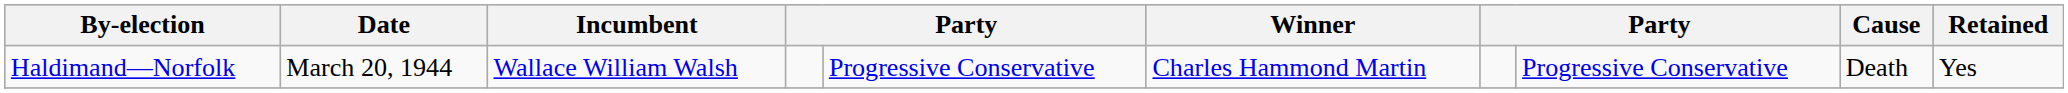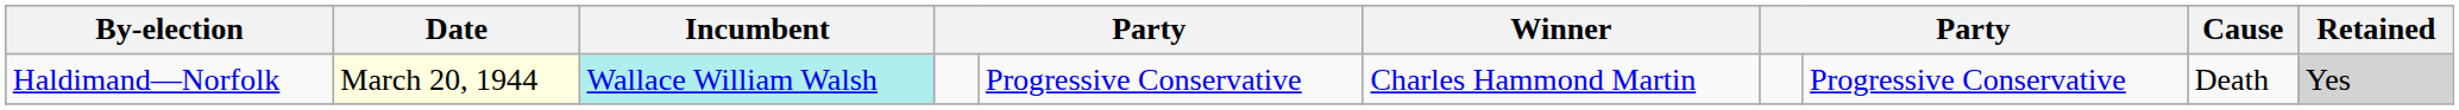 <table class=wikitable style="width:100%">
 <tr>
 <th>By-election</th>
 <th>Date</th>
 <th>Incumbent</th>
 <th colspan=2>Party</th>
 <th>Winner</th>
 <th colspan=2>Party</th>
 <th>Cause</th>
 <th>Retained</th>
 </tr>
 <tr>
 <td><a href='#'>Haldimand—Norfolk</a></td>
-<td>March 20, 1944</td>
-<td><a href='#'>Wallace William Walsh</a></td>
+<td style="background: lightyellow;">March 20, 1944</td>
+<td style="background: paleturquoise;"><a href='#'>Wallace William Walsh</a></td>
 <td>   </td>
 <td><a href='#'>Progressive Conservative</a></td>
 <td><a href='#'>Charles Hammond Martin</a></td>
 <td>   </td>
 <td><a href='#'>Progressive Conservative</a></td>
 <td>Death</td>
-<td>Yes</td>
+<td style="background: lightgrey;">Yes</td>
 </tr>
 </table>
